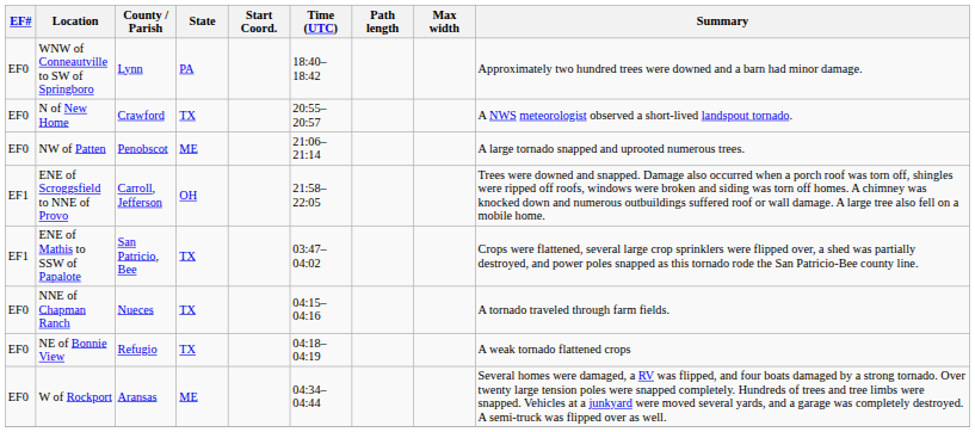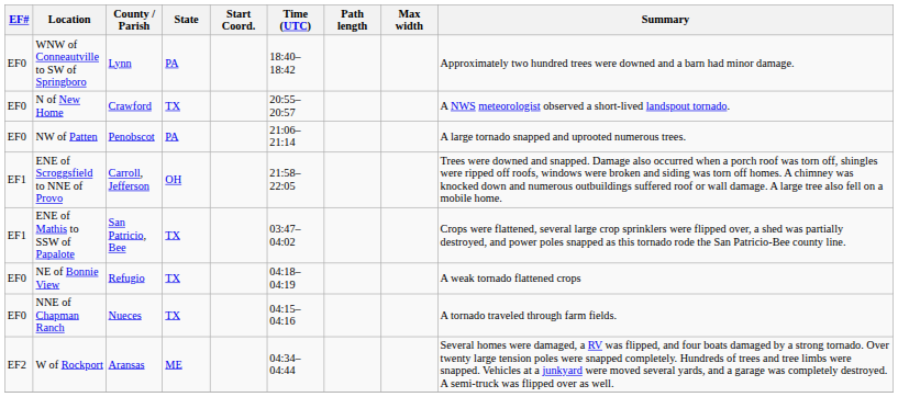 <table class="wikitable sortable" style="width:100%;">
 <tr>
 <th scope="col"  style="width:3%; text-align:center;"><a href='#'>EF#</a></th>
 <th scope="col"  style="width:7%; text-align:center;" class="unsortable">Location</th>
 <th scope="col"  style="width:6%; text-align:center;" class="unsortable">County / Parish</th>
 <th scope="col"  style="width:5%; text-align:center;">State</th>
 <th scope="col"  style="width:6%; text-align:center;">Start Coord.</th>
 <th scope="col"  style="width:6%; text-align:center;">Time (<a href='#'>UTC</a>)</th>
 <th scope="col"  style="width:6%; text-align:center;">Path length</th>
 <th scope="col"  style="width:6%; text-align:center;">Max width</th>
 <th scope="col" class="unsortable" style="width:48%; text-align:center;">Summary</th>
 </tr>
 <tr>
 <td>EF0</td>
 <td>WNW of <a href='#'>Conneautville</a> to SW of <a href='#'>Springboro</a></td>
 <td><a href='#'>Lynn</a></td>
 <td><a href='#'>PA</a></td>
 <td></td>
 <td>18:40–18:42</td>
 <td></td>
 <td></td>
 <td>Approximately two hundred trees were downed and a barn had minor damage.</td>
 </tr>
 <tr>
 <td>EF0</td>
 <td>N of <a href='#'>New Home</a></td>
 <td><a href='#'>Crawford</a></td>
 <td><a href='#'>TX</a></td>
 <td></td>
 <td>20:55–20:57</td>
 <td></td>
 <td></td>
 <td>A <a href='#'>NWS</a> <a href='#'>meteorologist</a> observed a short-lived <a href='#'>landspout tornado</a>.</td>
 </tr>
 <tr>
 <td>EF0</td>
 <td>NW of <a href='#'>Patten</a></td>
 <td><a href='#'>Penobscot</a></td>
-<td><a href='#'>ME</a></td>
+<td><a href='#'>PA</a></td>
 <td></td>
 <td>21:06–21:14</td>
 <td></td>
 <td></td>
 <td>A large tornado snapped and uprooted numerous trees.</td>
 </tr>
 <tr>
 <td>EF1</td>
 <td>ENE of <a href='#'>Scroggsfield</a> to NNE of <a href='#'>Provo</a></td>
 <td><a href='#'>Carroll</a>, <a href='#'>Jefferson</a></td>
 <td><a href='#'>OH</a></td>
 <td></td>
 <td>21:58–22:05</td>
 <td></td>
 <td></td>
 <td>Trees were downed and snapped. Damage also occurred when a porch roof was torn off, shingles were ripped off roofs, windows were broken and siding was torn off homes. A chimney was knocked down and numerous outbuildings suffered roof or wall damage. A large tree also fell on a mobile home.</td>
 </tr>
 <tr>
 <td>EF1</td>
 <td>ENE of <a href='#'>Mathis</a> to SSW of <a href='#'>Papalote</a></td>
 <td><a href='#'>San Patricio</a>, <a href='#'>Bee</a></td>
 <td><a href='#'>TX</a></td>
 <td></td>
 <td>03:47–04:02</td>
 <td></td>
 <td></td>
 <td>Crops were flattened, several large crop sprinklers were flipped over, a shed was partially destroyed, and power poles snapped as this tornado rode the San Patricio-Bee county line.</td>
 </tr>
 <tr>
 <td>EF0</td>
-<td>NNE of <a href='#'>Chapman Ranch</a></td>
-<td><a href='#'>Nueces</a></td>
-<td><a href='#'>TX</a></td>
-<td></td>
-<td>04:15–04:16</td>
-<td></td>
-<td></td>
-<td>A tornado traveled through farm fields.</td>
-</tr>
-<tr>
-<td>EF0</td>
 <td>NE of <a href='#'>Bonnie View</a></td>
 <td><a href='#'>Refugio</a></td>
 <td><a href='#'>TX</a></td>
 <td></td>
 <td>04:18–04:19</td>
 <td></td>
 <td></td>
 <td>A weak tornado flattened crops</td>
 </tr>
 <tr>
 <td>EF0</td>
+<td>NNE of <a href='#'>Chapman Ranch</a></td>
+<td><a href='#'>Nueces</a></td>
+<td><a href='#'>TX</a></td>
+<td></td>
+<td>04:15–04:16</td>
+<td></td>
+<td></td>
+<td>A tornado traveled through farm fields.</td>
+</tr>
+<tr>
+<td>EF2</td>
 <td>W of <a href='#'>Rockport</a></td>
 <td><a href='#'>Aransas</a></td>
 <td><a href='#'>ME</a></td>
 <td></td>
 <td>04:34–04:44</td>
 <td></td>
 <td></td>
 <td>Several homes were damaged, a <a href='#'>RV</a> was flipped, and four boats damaged by a strong tornado. Over twenty large tension poles were snapped completely. Hundreds of trees and tree limbs were snapped. Vehicles at a <a href='#'>junkyard</a> were moved several yards, and a garage was completely destroyed. A semi-truck was flipped over as well.</td>
 </tr>
 <tr>
 </tr>
 </table>
